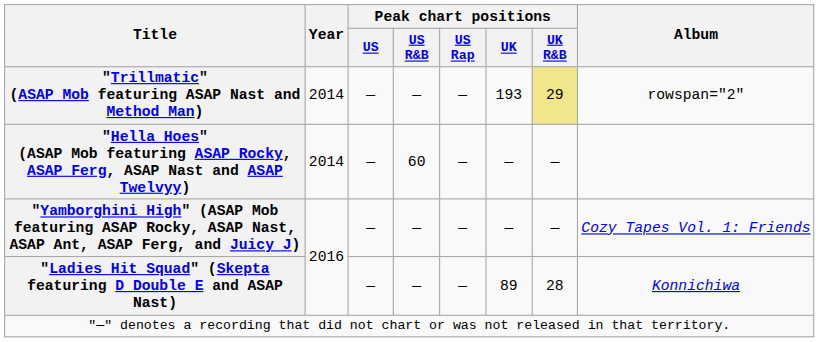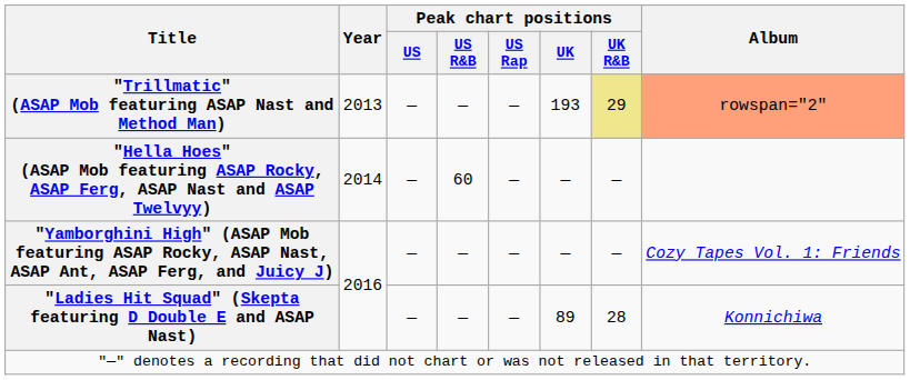 <table class="wikitable plainrowheaders" style="text-align:center;">
 <tr>
 <th scope="col" rowspan="2" style="width:20em;">Title</th>
 <th scope="col" rowspan="2">Year</th>
 <th scope="col" colspan="5">Peak chart positions</th>
 <th scope="col" rowspan="2">Album</th>
 </tr>
 <tr>
 <th style="width:3em;font-size:90%;"><a href='#'>US</a></th>
 <th style="width:3em;font-size:90%;"><a href='#'>US<br>R&B</a></th>
 <th style="width:3em;font-size:90%;"><a href='#'>US<br>Rap</a></th>
 <th style="width:3em;font-size:90%;"><a href='#'>UK</a></th>
 <th style="width:3em;font-size:90%;"><a href='#'>UK<br>R&B</a></th>
 </tr>
 <tr>
 <th scope="row">"<a href='#'>Trillmatic</a>"<br><span>(<a href='#'>ASAP Mob</a> featuring ASAP Nast and <a href='#'>Method Man</a>)</span></th>
-<td>2014</td>
+<td>2013</td>
 <td>—</td>
 <td>—</td>
 <td>—</td>
 <td>193</td>
 <td style="background: khaki;">29</td>
-<td>rowspan="2" </td>
+<td style="background: lightsalmon;">rowspan="2" </td>
 </tr>
 <tr>
 <th scope="row">"<a href='#'>Hella Hoes</a>"<br><span>(ASAP Mob featuring <a href='#'>ASAP Rocky</a>, <a href='#'>ASAP Ferg</a>, ASAP Nast and <a href='#'>ASAP Twelvyy</a>)</span></th>
 <td>2014</td>
 <td>—</td>
 <td>60</td>
 <td>—</td>
 <td>—</td>
 <td>—</td>
 </tr>
 <tr>
 <th scope="row">"<a href='#'>Yamborghini High</a>" <span>(ASAP Mob featuring ASAP Rocky, ASAP Nast, ASAP Ant, ASAP Ferg, and <a href='#'>Juicy J</a>)</span></th>
 <td rowspan="2">2016</td>
 <td>—</td>
 <td>—</td>
 <td>—</td>
 <td>—</td>
 <td>—</td>
 <td><em><a href='#'>Cozy Tapes Vol. 1: Friends</a></em></td>
 </tr>
 <tr>
 <th scope="row">"<a href='#'>Ladies Hit Squad</a>" <span>(<a href='#'>Skepta</a> featuring <a href='#'>D Double E</a> and ASAP Nast)</span></th>
 <td>—</td>
 <td>—</td>
 <td>—</td>
 <td>89</td>
 <td>28</td>
 <td><em><a href='#'>Konnichiwa</a></em></td>
 </tr>
 <tr>
 <td colspan="8" style="font-size:90%">"—" denotes a recording that did not chart or was not released in that territory.</td>
 </tr>
 </table>
